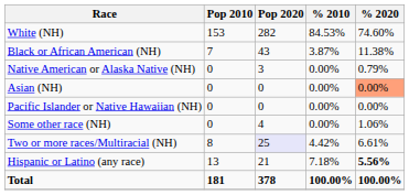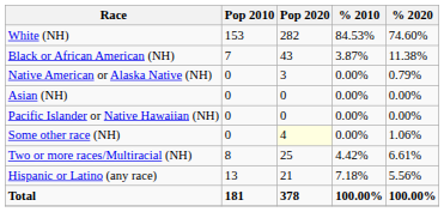 <table class="wikitable">
 <tr>
 <th>Race</th>
 <th>Pop 2010</th>
 <th>Pop 2020</th>
 <th>% 2010</th>
 <th>% 2020</th>
 </tr>
 <tr>
 <td><a href='#'>White</a> (NH)</td>
 <td>153</td>
 <td>282</td>
 <td>84.53%</td>
 <td>74.60%</td>
 </tr>
 <tr>
 <td><a href='#'>Black or African American</a> (NH)</td>
 <td>7</td>
 <td>43</td>
 <td>3.87%</td>
 <td>11.38%</td>
 </tr>
 <tr>
 <td><a href='#'>Native American</a> or <a href='#'>Alaska Native</a> (NH)</td>
 <td>0</td>
 <td>3</td>
 <td>0.00%</td>
 <td>0.79%</td>
 </tr>
 <tr>
 <td><a href='#'>Asian</a> (NH)</td>
 <td>0</td>
 <td>0</td>
 <td>0.00%</td>
-<td style="background: lightsalmon;">0.00%</td>
+<td>0.00%</td>
 </tr>
 <tr>
 <td><a href='#'>Pacific Islander</a> or <a href='#'>Native Hawaiian</a> (NH)</td>
 <td>0</td>
 <td>0</td>
 <td>0.00%</td>
 <td>0.00%</td>
 </tr>
 <tr>
 <td><a href='#'>Some other race</a> (NH)</td>
 <td>0</td>
-<td>4</td>
+<td style="background: lightyellow;">4</td>
 <td>0.00%</td>
 <td>1.06%</td>
 </tr>
 <tr>
 <td><a href='#'>Two or more races/Multiracial</a> (NH)</td>
 <td>8</td>
-<td style="background: lavender;">25</td>
+<td>25</td>
 <td>4.42%</td>
 <td>6.61%</td>
 </tr>
 <tr>
 <td><a href='#'>Hispanic or Latino</a> (any race)</td>
 <td>13</td>
 <td>21</td>
 <td>7.18%</td>
-<td><strong>5.56%</strong></td>
+<td>5.56%</td>
 </tr>
 <tr>
 <td><strong>Total</strong></td>
 <td><strong>181</strong></td>
 <td><strong>378</strong></td>
 <td><strong>100.00%</strong></td>
 <td><strong>100.00%</strong></td>
 </tr>
 <tr>
 </tr>
 </table>
